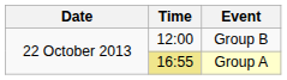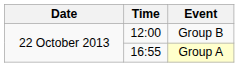 <table class = "wikitable" style="text-align:center;">
 <tr>
 <th width=150>Date</th>
 <th width=50>Time</th>
 <th width=80>Event</th>
 </tr>
 <tr>
 <td rowspan=2>22 October 2013</td>
 <td>12:00</td>
 <td>Group B</td>
 </tr>
 <tr>
-<td style="background: khaki;">16:55</td>
+<td>16:55</td>
 <td bgcolor=ffffcc>Group A</td>
 </tr>
 </table>
